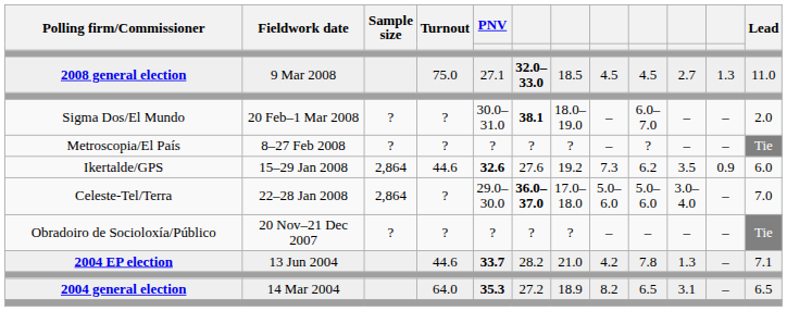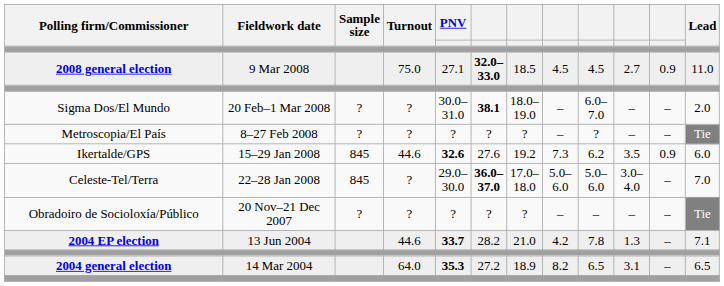 <table class="wikitable collapsible collapsed" style="text-align:center; font-size:95%; line-height:16px;">
 <tr style="height:42px;">
 <th style="width:250px;" rowspan="2">Polling firm/Commissioner</th>
 <th style="width:125px;" rowspan="2">Fieldwork date</th>
 <th style="width:50px;" rowspan="2">Sample size</th>
 <th style="width:45px;" rowspan="2">Turnout</th>
 <th style="width:35px;"><a href='#'>PNV</a></th>
 <th style="width:35px;"></th>
 <th style="width:35px;"></th>
 <th style="width:35px;"></th>
 <th style="width:35px;"></th>
 <th style="width:35px;"></th>
 <th style="width:35px;"></th>
 <th style="width:30px;" rowspan="2">Lead</th>
 </tr>
 <tr>
 <th style="color:inherit;background:"></th>
 <th style="color:inherit;background:"></th>
 <th style="color:inherit;background:"></th>
 <th style="color:inherit;background:"></th>
 <th style="color:inherit;background:"></th>
 <th style="color:inherit;background:"></th>
 <th style="color:inherit;background:"></th>
 </tr>
 <tr>
 <td colspan="12" style="background:#A0A0A0"></td>
 </tr>
 <tr style="background:#EFEFEF;">
 <td><strong><a href='#'>2008 general election</a></strong></td>
 <td>9 Mar 2008</td>
 <td></td>
 <td>75.0</td>
 <td>27.1<br></td>
 <td><strong>32.0–<br>33.0</strong><br></td>
 <td>18.5<br></td>
 <td>4.5<br></td>
 <td>4.5<br></td>
 <td>2.7<br></td>
-<td>1.3<br></td>
+<td>0.9<br></td>
 <td style="background:">11.0</td>
 </tr>
 <tr>
 <td colspan="12" style="background:#A0A0A0"></td>
 </tr>
 <tr>
 <td>Sigma Dos/El Mundo</td>
 <td>20 Feb–1 Mar 2008</td>
 <td>?</td>
 <td>?</td>
 <td>30.0–<br>31.0<br></td>
 <td><strong>38.1</strong><br></td>
 <td>18.0–<br>19.0<br></td>
 <td>–</td>
 <td>6.0–<br>7.0<br></td>
 <td>–</td>
 <td>–</td>
 <td style="background:">2.0</td>
 </tr>
 <tr>
 <td>Metroscopia/El País</td>
 <td>8–27 Feb 2008</td>
 <td>?</td>
 <td>?</td>
 <td>?<br></td>
 <td>?<br></td>
 <td>?<br></td>
 <td>–</td>
 <td>?<br></td>
 <td>–</td>
 <td>–</td>
 <td style="background:gray;color:white;">Tie</td>
 </tr>
 <tr>
 <td>Ikertalde/GPS</td>
 <td>15–29 Jan 2008</td>
-<td>2,864</td>
+<td>845</td>
 <td>44.6</td>
 <td><strong>32.6</strong><br></td>
 <td>27.6<br></td>
 <td>19.2<br></td>
 <td>7.3<br></td>
 <td>6.2<br></td>
 <td>3.5<br></td>
 <td>0.9<br></td>
 <td style="background:">6.0</td>
 </tr>
 <tr>
 <td>Celeste-Tel/Terra</td>
 <td>22–28 Jan 2008</td>
-<td>2,864</td>
+<td>845</td>
 <td>?</td>
 <td>29.0–<br>30.0<br></td>
 <td><strong>36.0–<br>37.0</strong><br></td>
 <td>17.0–<br>18.0<br></td>
 <td>5.0–<br>6.0<br></td>
 <td>5.0–<br>6.0<br></td>
 <td>3.0–<br>4.0<br></td>
 <td>–</td>
 <td style="background:">7.0</td>
 </tr>
 <tr>
 <td>Obradoiro de Socioloxía/Público</td>
 <td>20 Nov–21 Dec 2007</td>
 <td>?</td>
 <td>?</td>
 <td>?<br></td>
 <td>?<br></td>
 <td>?<br></td>
 <td>–</td>
 <td>–</td>
 <td>–</td>
 <td>–</td>
 <td style="background:gray;color:white;">Tie</td>
 </tr>
 <tr style="background:#EFEFEF;">
 <td><strong><a href='#'>2004 EP election</a></strong></td>
 <td>13 Jun 2004</td>
 <td></td>
 <td>44.6</td>
 <td><strong>33.7</strong><br></td>
 <td>28.2<br></td>
 <td>21.0<br></td>
 <td>4.2<br></td>
 <td>7.8<br></td>
 <td>1.3<br></td>
 <td>–</td>
 <td style="background:">7.1</td>
 </tr>
 <tr>
 <td colspan="12" style="background:#A0A0A0"></td>
 </tr>
 <tr style="background:#EFEFEF;">
 <td><strong><a href='#'>2004 general election</a></strong></td>
 <td>14 Mar 2004</td>
 <td></td>
 <td>64.0</td>
 <td><strong>35.3</strong><br></td>
 <td>27.2<br></td>
 <td>18.9<br></td>
 <td>8.2<br></td>
 <td>6.5<br></td>
 <td>3.1<br></td>
 <td>–</td>
 <td style="background:">6.5</td>
 </tr>
 <tr>
 <td colspan="12" style="background:#A0A0A0"></td>
 </tr>
 </table>
